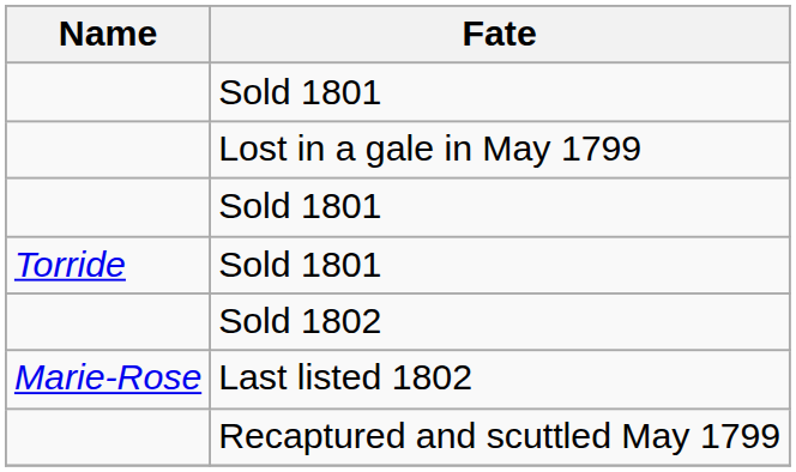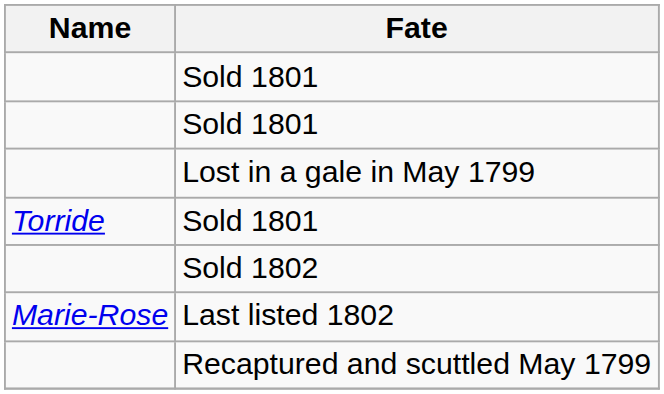 <table class=" wikitable">
 <tr>
 <th>Name</th>
 <th>Fate</th>
 </tr>
 <tr>
 <td></td>
 <td>Sold 1801</td>
 </tr>
 <tr>
 <td></td>
-<td>Lost in a gale in May 1799</td>
+<td>Sold 1801</td>
 </tr>
 <tr>
 <td></td>
-<td>Sold 1801</td>
+<td>Lost in a gale in May 1799</td>
 </tr>
 <tr>
 <td><a href='#'><em>Torride</em></a></td>
 <td>Sold 1801</td>
 </tr>
 <tr>
 <td></td>
 <td>Sold 1802</td>
 </tr>
 <tr>
 <td><a href='#'><em>Marie-Rose</em></a></td>
 <td>Last listed 1802</td>
 </tr>
 <tr>
 <td></td>
 <td>Recaptured and scuttled May 1799</td>
 </tr>
 <tr>
 </tr>
 </table>
